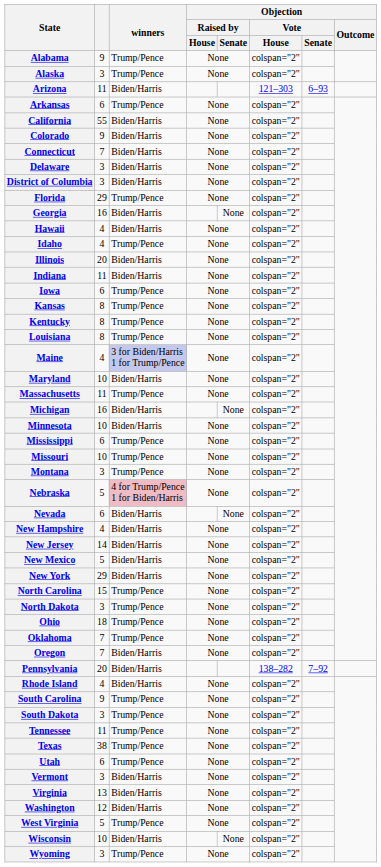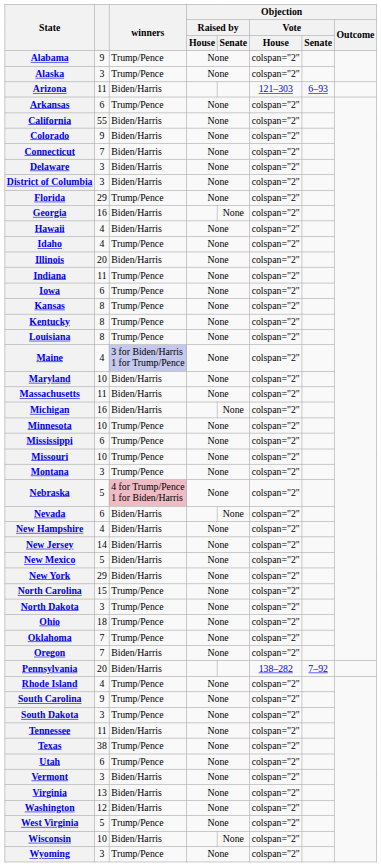 <table class="wikitable sortable plainrowheaders" style="margin:1em auto;">
 <tr>
 <th rowspan="3">State</th>
 <th rowspan="3"></th>
 <th rowspan="3"><br>winners</th>
 <th colspan="5">Objection</th>
 </tr>
 <tr>
 <th colspan="2">Raised by</th>
 <th colspan="2">Vote</th>
 <th rowspan="2">Outcome</th>
 </tr>
 <tr>
 <th>House</th>
 <th>Senate</th>
 <th>House</th>
 <th>Senate</th>
 </tr>
 <tr>
 <th scope="row"><a href='#'>Alabama</a></th>
 <td style="text-align:center;">9</td>
 <td>Trump/Pence</td>
 <td colspan="2" align="center">None</td>
 <td>colspan="2" </td>
 <td></td>
 </tr>
 <tr>
 <th scope="row"><a href='#'>Alaska</a></th>
 <td style="text-align:center;">3</td>
 <td>Trump/Pence</td>
 <td colspan="2" align="center">None</td>
 <td>colspan="2" </td>
 <td></td>
 </tr>
 <tr>
 <th scope="row"><a href='#'>Arizona</a></th>
 <td style="text-align:center;">11</td>
 <td>Biden/Harris</td>
 <td align="center"> </td>
 <td align="center"> </td>
 <td align="center"><a href='#'>121–303</a></td>
 <td align="center"><a href='#'>6–93</a></td>
 <td></td>
 </tr>
 <tr>
 <th scope="row"><a href='#'>Arkansas</a></th>
 <td style="text-align:center;">6</td>
 <td>Trump/Pence</td>
 <td colspan="2" align="center">None</td>
 <td>colspan="2" </td>
 <td></td>
 </tr>
 <tr>
 <th scope="row"><a href='#'>California</a></th>
 <td style="text-align:center;">55</td>
 <td>Biden/Harris</td>
 <td colspan="2" align="center">None</td>
 <td>colspan="2" </td>
 <td></td>
 </tr>
 <tr>
 <th scope="row"><a href='#'>Colorado</a></th>
 <td style="text-align:center;">9</td>
 <td>Biden/Harris</td>
 <td colspan="2" align="center">None</td>
 <td>colspan="2" </td>
 <td></td>
 </tr>
 <tr>
 <th scope="row"><a href='#'>Connecticut</a></th>
 <td style="text-align:center;">7</td>
 <td>Biden/Harris</td>
 <td colspan="2" align="center">None</td>
 <td>colspan="2" </td>
 <td></td>
 </tr>
 <tr>
 <th scope="row"><a href='#'>Delaware</a></th>
 <td style="text-align:center;">3</td>
 <td>Biden/Harris</td>
 <td colspan="2" align="center">None</td>
 <td>colspan="2" </td>
 <td></td>
 </tr>
 <tr>
 <th scope="row"><a href='#'>District of Columbia</a></th>
 <td style="text-align:center;">3</td>
 <td>Biden/Harris</td>
 <td colspan="2" align="center">None</td>
 <td>colspan="2" </td>
 <td></td>
 </tr>
 <tr>
 <th scope="row"><a href='#'>Florida</a></th>
 <td style="text-align:center;">29</td>
 <td>Trump/Pence</td>
 <td colspan="2" align="center">None</td>
 <td>colspan="2" </td>
 <td></td>
 </tr>
 <tr>
 <th scope="row"><a href='#'>Georgia</a></th>
 <td style="text-align:center;">16</td>
 <td>Biden/Harris</td>
 <td align="center"> </td>
 <td align="center">None</td>
 <td>colspan="2" </td>
 <td></td>
 </tr>
 <tr>
 <th scope="row"><a href='#'>Hawaii</a></th>
 <td style="text-align:center;">4</td>
 <td>Biden/Harris</td>
 <td colspan="2" align="center">None</td>
 <td>colspan="2" </td>
 <td></td>
 </tr>
 <tr>
 <th scope="row"><a href='#'>Idaho</a></th>
 <td style="text-align:center;">4</td>
 <td>Trump/Pence</td>
 <td colspan="2" align="center">None</td>
 <td>colspan="2" </td>
 <td></td>
 </tr>
 <tr>
 <th scope="row"><a href='#'>Illinois</a></th>
 <td style="text-align:center;">20</td>
 <td>Biden/Harris</td>
 <td colspan="2" align="center">None</td>
 <td>colspan="2" </td>
 <td></td>
 </tr>
 <tr>
 <th scope="row"><a href='#'>Indiana</a></th>
 <td style="text-align:center;">11</td>
-<td>Biden/Harris</td>
+<td>Trump/Pence</td>
 <td colspan="2" align="center">None</td>
 <td>colspan="2" </td>
 <td></td>
 </tr>
 <tr>
 <th scope="row"><a href='#'>Iowa</a></th>
 <td style="text-align:center;">6</td>
 <td>Trump/Pence</td>
 <td colspan="2" align="center">None</td>
 <td>colspan="2" </td>
 <td></td>
 </tr>
 <tr>
 <th scope="row"><a href='#'>Kansas</a></th>
 <td style="text-align:center;">8</td>
 <td>Trump/Pence</td>
 <td colspan="2" align="center">None</td>
 <td>colspan="2" </td>
 <td></td>
 </tr>
 <tr>
 <th scope="row"><a href='#'>Kentucky</a></th>
 <td style="text-align:center;">8</td>
 <td>Trump/Pence</td>
 <td colspan="2" align="center">None</td>
 <td>colspan="2" </td>
 <td></td>
 </tr>
 <tr>
 <th scope="row"><a href='#'>Louisiana</a></th>
 <td style="text-align:center;">8</td>
 <td>Trump/Pence</td>
 <td colspan="2" align="center">None</td>
 <td>colspan="2" </td>
 <td></td>
 </tr>
 <tr>
 <th scope="row"><a href='#'>Maine</a></th>
 <td style="text-align:center;">4</td>
 <td style="background-color: #C4C8ED">3 for Biden/Harris<br>1 for Trump/Pence</td>
 <td colspan="2" align="center">None</td>
 <td>colspan="2" </td>
 <td></td>
 </tr>
 <tr>
 <th scope="row"><a href='#'>Maryland</a></th>
 <td style="text-align:center;">10</td>
 <td>Biden/Harris</td>
 <td colspan="2" align="center">None</td>
 <td>colspan="2" </td>
 <td></td>
 </tr>
 <tr>
 <th scope="row"><a href='#'>Massachusetts</a></th>
 <td style="text-align:center;">11</td>
-<td>Trump/Pence</td>
+<td>Biden/Harris</td>
 <td colspan="2" align="center">None</td>
 <td>colspan="2" </td>
 <td></td>
 </tr>
 <tr>
 <th scope="row"><a href='#'>Michigan</a></th>
 <td style="text-align:center;">16</td>
 <td>Biden/Harris</td>
 <td align="center"><br></td>
 <td align="center">None</td>
 <td>colspan="2" </td>
 <td></td>
 </tr>
 <tr>
 <th scope="row"><a href='#'>Minnesota</a></th>
 <td style="text-align:center;">10</td>
-<td>Biden/Harris</td>
+<td>Trump/Pence</td>
 <td colspan="2" align="center">None</td>
 <td>colspan="2" </td>
 <td></td>
 </tr>
 <tr>
 <th scope="row"><a href='#'>Mississippi</a></th>
 <td style="text-align:center;">6</td>
 <td>Trump/Pence</td>
 <td colspan="2" align="center">None</td>
 <td>colspan="2" </td>
 <td></td>
 </tr>
 <tr>
 <th scope="row"><a href='#'>Missouri</a></th>
 <td style="text-align:center;">10</td>
 <td>Trump/Pence</td>
 <td colspan="2" align="center">None</td>
 <td>colspan="2" </td>
 <td></td>
 </tr>
 <tr>
 <th scope="row"><a href='#'>Montana</a></th>
 <td style="text-align:center;">3</td>
 <td>Trump/Pence</td>
 <td colspan="2" align="center">None</td>
 <td>colspan="2" </td>
 <td></td>
 </tr>
 <tr>
 <th scope="row"><a href='#'>Nebraska</a></th>
 <td style="text-align:center;">5</td>
 <td style="background-color: #EFBBC5">4 for Trump/Pence<br>1 for Biden/Harris</td>
 <td colspan="2" align="center">None</td>
 <td>colspan="2" </td>
 <td></td>
 </tr>
 <tr>
 <th scope="row"><a href='#'>Nevada</a></th>
 <td style="text-align:center;">6</td>
 <td>Biden/Harris</td>
 <td align="center"> </td>
 <td align="center">None</td>
 <td>colspan="2" </td>
 <td></td>
 </tr>
 <tr>
 <th scope="row"><a href='#'>New Hampshire</a></th>
 <td style="text-align:center;">4</td>
 <td>Biden/Harris</td>
 <td colspan="2" align="center">None</td>
 <td>colspan="2" </td>
 <td></td>
 </tr>
 <tr>
 <th scope="row"><a href='#'>New Jersey</a></th>
 <td style="text-align:center;">14</td>
 <td>Biden/Harris</td>
 <td colspan="2" align="center">None</td>
 <td>colspan="2" </td>
 <td></td>
 </tr>
 <tr>
 <th scope="row"><a href='#'>New Mexico</a></th>
 <td style="text-align:center;">5</td>
 <td>Biden/Harris</td>
 <td colspan="2" align="center">None</td>
 <td>colspan="2" </td>
 <td></td>
 </tr>
 <tr>
 <th scope="row"><a href='#'>New York</a></th>
 <td style="text-align:center;">29</td>
 <td>Biden/Harris</td>
 <td colspan="2" align="center">None</td>
 <td>colspan="2" </td>
 <td></td>
 </tr>
 <tr>
 <th scope="row"><a href='#'>North Carolina</a></th>
 <td style="text-align:center;">15</td>
 <td>Trump/Pence</td>
 <td colspan="2" align="center">None</td>
 <td>colspan="2" </td>
 <td></td>
 </tr>
 <tr>
 <th scope="row"><a href='#'>North Dakota</a></th>
 <td style="text-align:center;">3</td>
 <td>Trump/Pence</td>
 <td colspan="2" align="center">None</td>
 <td>colspan="2" </td>
 <td></td>
 </tr>
 <tr>
 <th scope="row"><a href='#'>Ohio</a></th>
 <td style="text-align:center;">18</td>
 <td>Trump/Pence</td>
 <td colspan="2" align="center">None</td>
 <td>colspan="2" </td>
 <td></td>
 </tr>
 <tr>
 <th scope="row"><a href='#'>Oklahoma</a></th>
 <td style="text-align:center;">7</td>
 <td>Trump/Pence</td>
 <td colspan="2" align="center">None</td>
 <td>colspan="2" </td>
 <td></td>
 </tr>
 <tr>
 <th scope="row"><a href='#'>Oregon</a></th>
 <td style="text-align:center;">7</td>
 <td>Biden/Harris</td>
 <td colspan="2" align="center">None</td>
 <td>colspan="2" </td>
 <td></td>
 </tr>
 <tr>
 <th scope="row"><a href='#'>Pennsylvania</a></th>
 <td style="text-align:center;">20</td>
 <td>Biden/Harris</td>
 <td align="center"> </td>
 <td align="center"> </td>
 <td align="center"><a href='#'>138–282</a></td>
 <td align="center"><a href='#'>7–92</a></td>
 <td></td>
 </tr>
 <tr>
 <th scope="row"><a href='#'>Rhode Island</a></th>
 <td style="text-align:center;">4</td>
-<td>Biden/Harris</td>
+<td>Trump/Pence</td>
 <td colspan="2" align="center">None</td>
 <td>colspan="2" </td>
 <td></td>
 </tr>
 <tr>
 <th scope="row"><a href='#'>South Carolina</a></th>
 <td style="text-align:center;">9</td>
 <td>Trump/Pence</td>
 <td colspan="2" align="center">None</td>
 <td>colspan="2" </td>
 <td></td>
 </tr>
 <tr>
 <th scope="row"><a href='#'>South Dakota</a></th>
 <td style="text-align:center;">3</td>
 <td>Trump/Pence</td>
 <td colspan="2" align="center">None</td>
 <td>colspan="2" </td>
 <td></td>
 </tr>
 <tr>
 <th scope="row"><a href='#'>Tennessee</a></th>
 <td style="text-align:center;">11</td>
-<td>Trump/Pence</td>
+<td>Biden/Harris</td>
 <td colspan="2" align="center">None</td>
 <td>colspan="2" </td>
 <td></td>
 </tr>
 <tr>
 <th scope="row"><a href='#'>Texas</a></th>
 <td style="text-align:center;">38</td>
 <td>Trump/Pence</td>
 <td colspan="2" align="center">None</td>
 <td>colspan="2" </td>
 <td></td>
 </tr>
 <tr>
 <th scope="row"><a href='#'>Utah</a></th>
 <td style="text-align:center;">6</td>
 <td>Trump/Pence</td>
 <td colspan="2" align="center">None</td>
 <td>colspan="2" </td>
 <td></td>
 </tr>
 <tr>
 <th scope="row"><a href='#'>Vermont</a></th>
 <td style="text-align:center;">3</td>
 <td>Biden/Harris</td>
 <td colspan="2" align="center">None</td>
 <td>colspan="2" </td>
 <td></td>
 </tr>
 <tr>
 <th scope="row"><a href='#'>Virginia</a></th>
 <td style="text-align:center;">13</td>
 <td>Biden/Harris</td>
 <td colspan="2" align="center">None</td>
 <td>colspan="2" </td>
 <td></td>
 </tr>
 <tr>
 <th scope="row"><a href='#'>Washington</a></th>
 <td style="text-align:center;">12</td>
 <td>Biden/Harris</td>
 <td colspan="2" align="center">None</td>
 <td>colspan="2" </td>
 <td></td>
 </tr>
 <tr>
 <th scope="row"><a href='#'>West Virginia</a></th>
 <td style="text-align:center;">5</td>
 <td>Trump/Pence</td>
 <td colspan="2" align="center">None</td>
 <td>colspan="2" </td>
 <td></td>
 </tr>
 <tr>
 <th scope="row"><a href='#'>Wisconsin</a></th>
 <td style="text-align:center;">10</td>
 <td>Biden/Harris</td>
 <td align="center"> </td>
 <td align="center">None</td>
 <td>colspan="2" </td>
 <td></td>
 </tr>
 <tr>
 <th scope="row"><a href='#'>Wyoming</a></th>
 <td style="text-align:center;">3</td>
 <td>Trump/Pence</td>
 <td colspan="2" align="center">None</td>
 <td>colspan="2" </td>
 <td></td>
 </tr>
 </table>
